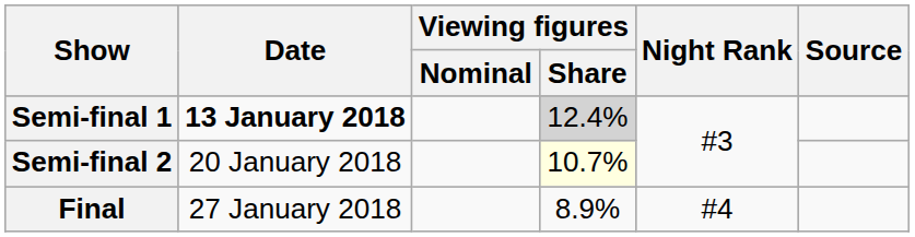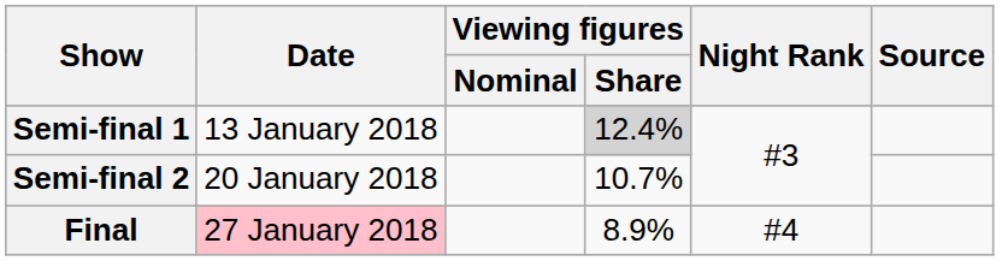 <table class="wikitable" style="font-size:100%; text-align:center">
 <tr>
 <th scope=col style="background:;" rowspan="2">Show</th>
 <th scope=col style="background:;" rowspan="2">Date</th>
 <th scope=col style="background:;" colspan="2">Viewing figures</th>
 <th scope=col rowspan="2">Night Rank</th>
 <th scope=col style="background:;" rowspan="2">Source</th>
 </tr>
 <tr>
 <th scope=col style="background:;">Nominal</th>
 <th scope=col style="background:;">Share</th>
 </tr>
 <tr>
 <th scope="row">Semi-final 1</th>
-<td><strong>13 January 2018</strong></td>
+<td>13 January 2018</td>
 <td></td>
 <td style="background: lightgrey;">12.4%</td>
 <td rowspan="2">#3</td>
 <td></td>
 </tr>
 <tr>
 <th scope="row">Semi-final 2</th>
 <td>20 January 2018</td>
 <td></td>
-<td style="background: lightyellow;">10.7%</td>
+<td>10.7%</td>
 <td></td>
 </tr>
 <tr>
 <th scope="row">Final</th>
-<td>27 January 2018</td>
+<td style="background: pink;">27 January 2018</td>
 <td></td>
 <td>8.9%</td>
 <td>#4</td>
 <td></td>
 </tr>
 </table>
